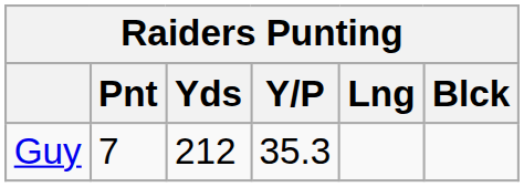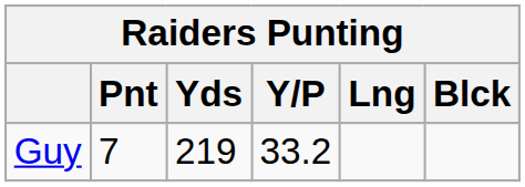 <table class="wikitable">
 <tr>
 <th colspan="6">Raiders Punting</th>
 </tr>
 <tr>
 <th></th>
 <th>Pnt</th>
 <th>Yds</th>
 <th>Y/P</th>
 <th>Lng</th>
 <th>Blck</th>
 </tr>
 <tr>
 <td><a href='#'>Guy</a></td>
 <td>7</td>
-<td>212</td>
-<td>35.3</td>
+<td>219</td>
+<td>33.2</td>
 <td></td>
 <td></td>
 </tr>
 </table>
